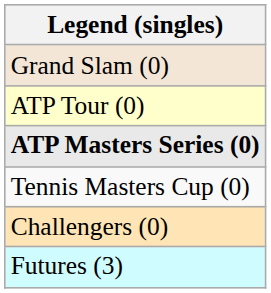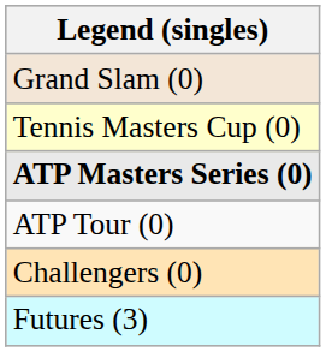 <table class="wikitable">
 <tr>
 <th>Legend (singles)</th>
 </tr>
 <tr bgcolor="#f3e6d7">
 <td>Grand Slam (0)</td>
 </tr>
 <tr bgcolor="ffffcc">
-<td>ATP Tour (0)</td>
+<td>Tennis Masters Cup (0)</td>
 </tr>
 <tr bgcolor=#e9e9e9>
 <td><strong>ATP Masters Series (0)</strong></td>
 </tr>
 <tr>
-<td>Tennis Masters Cup (0)</td>
+<td>ATP Tour (0)</td>
 </tr>
 <tr bgcolor="moccasin">
 <td>Challengers (0)</td>
 </tr>
 <tr bgcolor="CFFCFF">
 <td>Futures (3)</td>
 </tr>
 </table>
